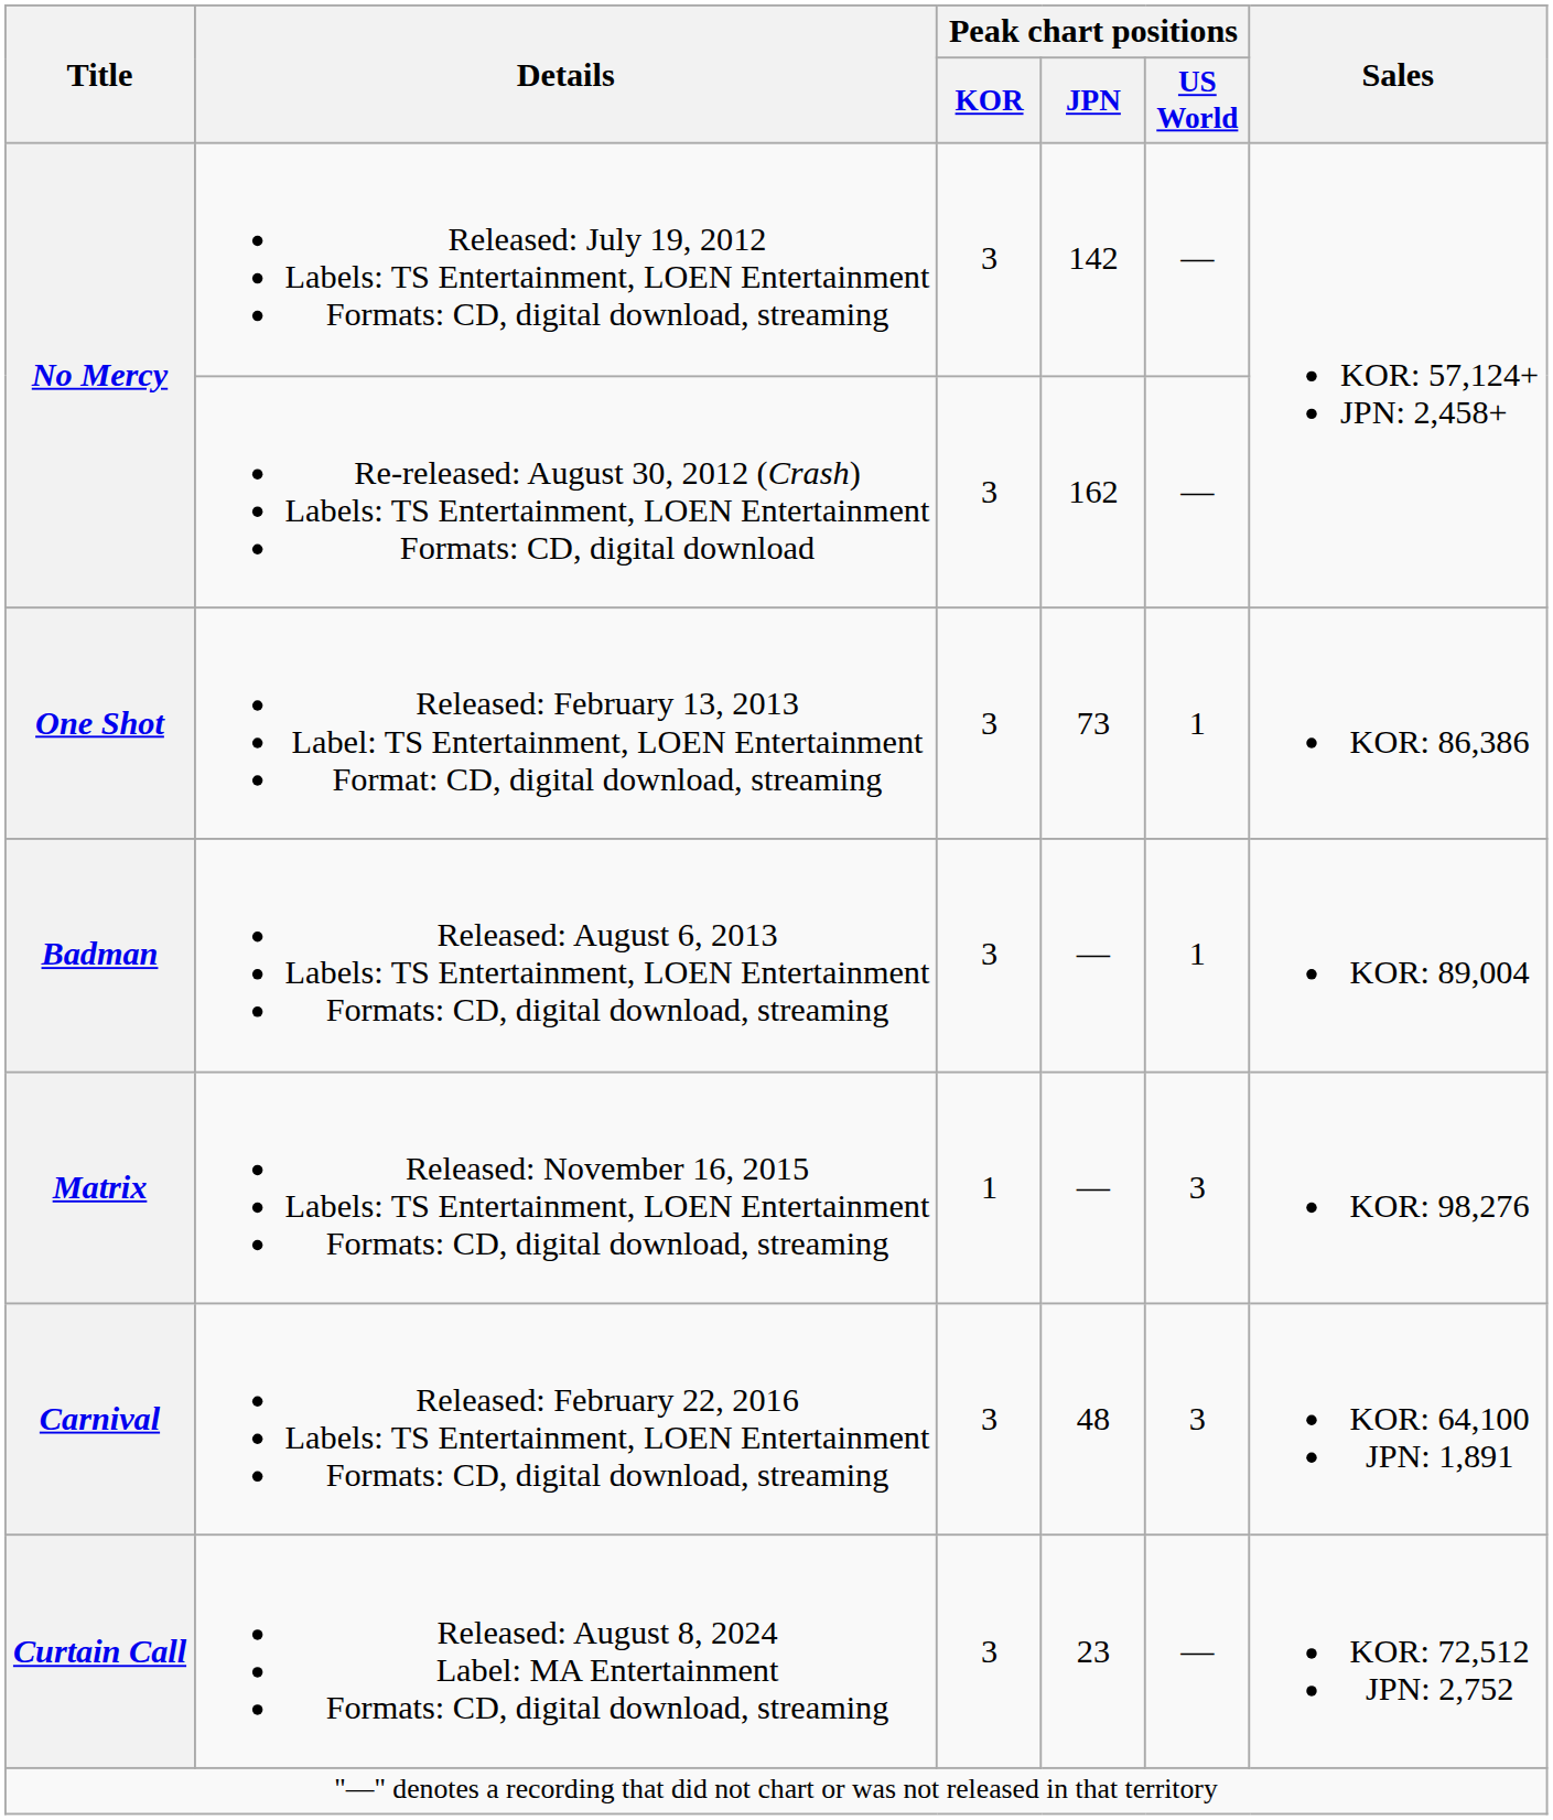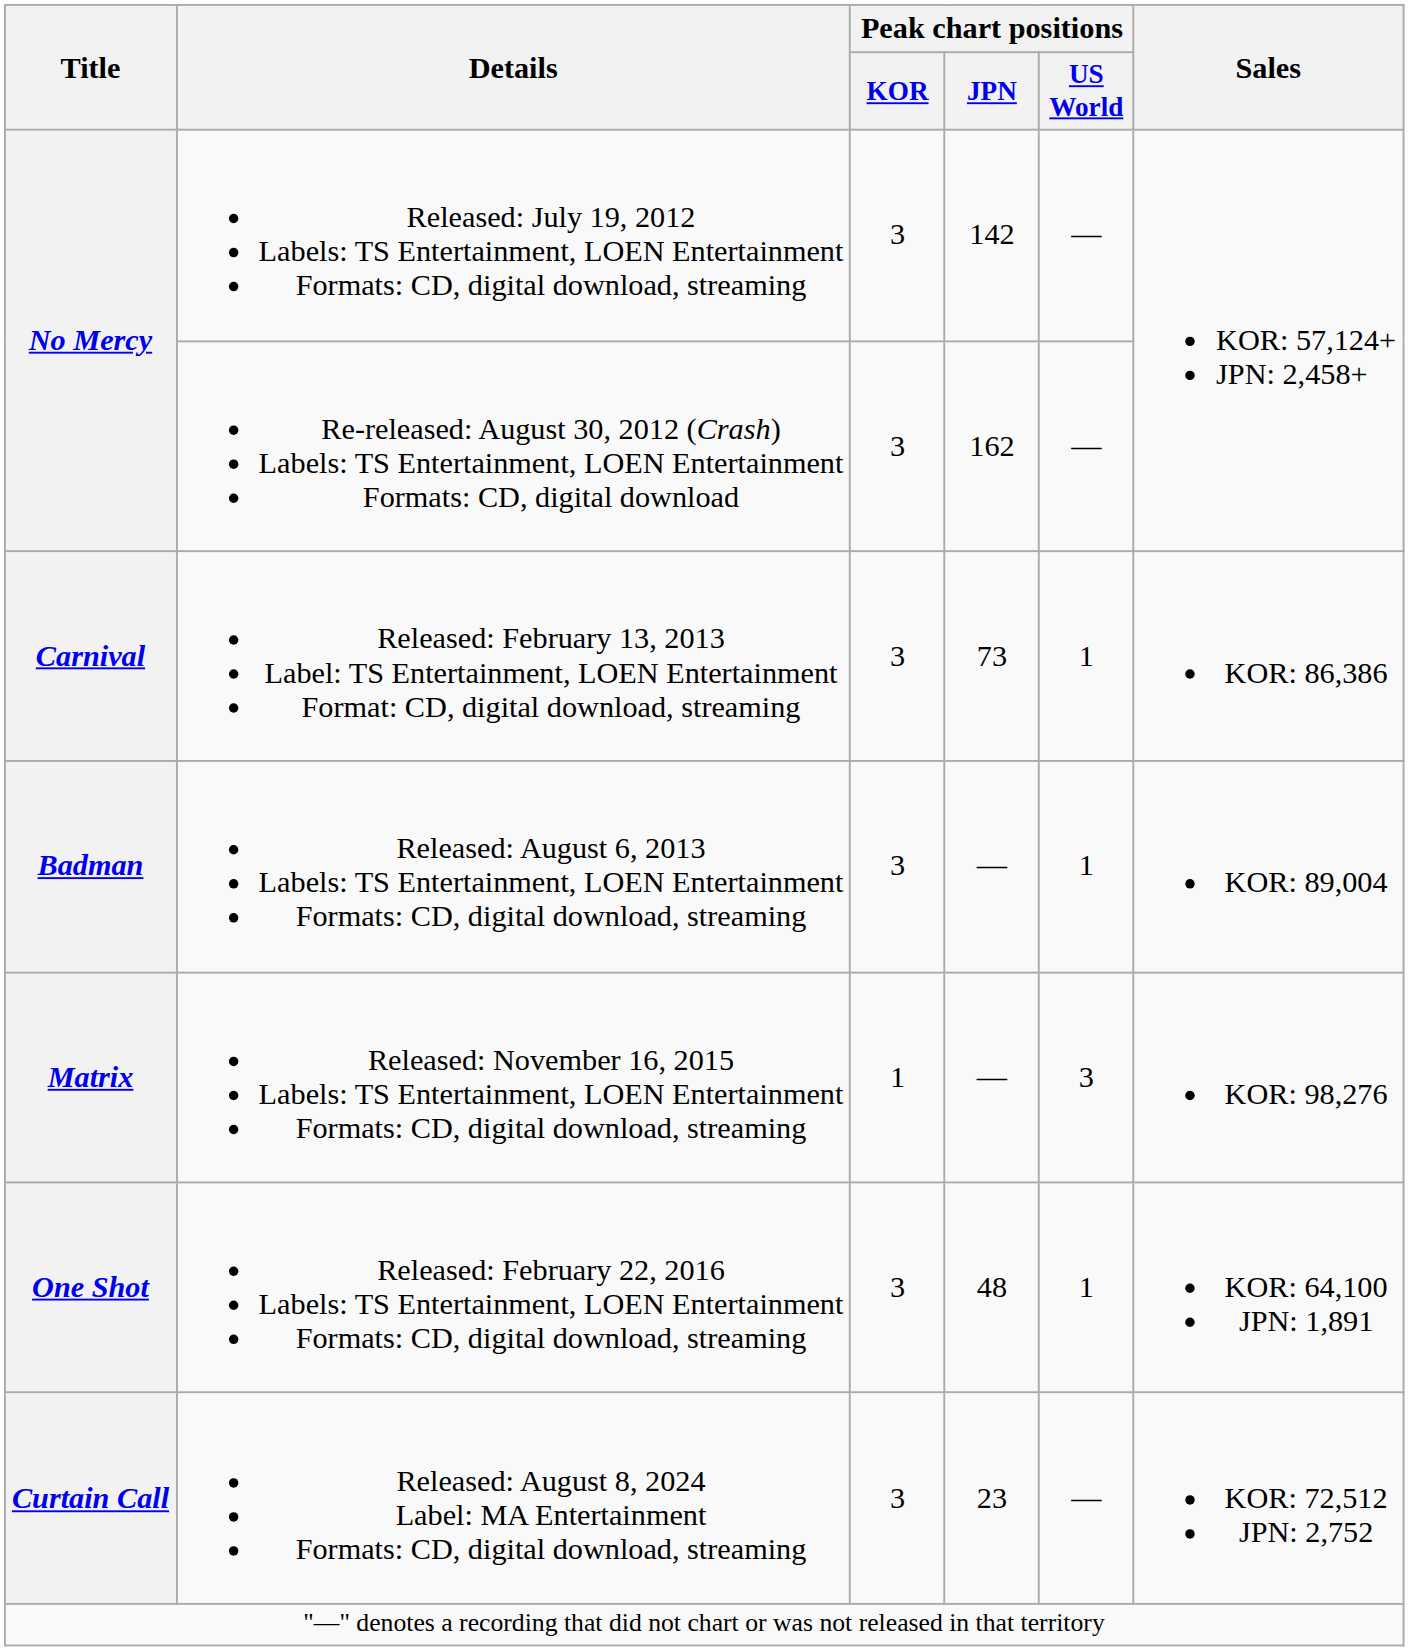 <table class="wikitable plainrowheaders" style="text-align:center">
 <tr>
 <th scope="col" rowspan="2">Title</th>
 <th scope="col" rowspan="2">Details</th>
 <th scope="col" colspan="3">Peak chart positions</th>
 <th scope="col" rowspan="2">Sales</th>
 </tr>
 <tr>
 <th scope="col" style="width:3em;font-size:90%"><a href='#'>KOR</a><br></th>
 <th scope="col" style="width:3em;font-size:90%"><a href='#'>JPN</a><br></th>
 <th scope="col" style="width:3em;font-size:90%"><a href='#'>US World</a><br></th>
 </tr>
 <tr>
 <th scope="row" rowspan="2"><em><a href='#'>No Mercy</a></em></th>
 <td><br><ul><li>Released: July 19, 2012</li><li>Labels: TS Entertainment, LOEN Entertainment</li><li>Formats: CD, digital download, streaming</li></ul></td>
 <td>3</td>
 <td>142</td>
 <td>—</td>
 <td rowspan="2" style="text-align:left"><br><ul><li>KOR: 57,124+ </li><li>JPN: 2,458+ </li></ul></td>
 </tr>
 <tr>
 <td><br><ul><li>Re-released: August 30, 2012 (<em>Crash</em>)</li><li>Labels: TS Entertainment, LOEN Entertainment</li><li>Formats: CD, digital download</li></ul></td>
 <td>3</td>
 <td>162</td>
 <td>—</td>
 </tr>
 <tr>
-<th scope="row"><em><a href='#'>One Shot</a></em></th>
+<th scope="row"><em><a href='#'>Carnival</a></em></th>
 <td><br><ul><li>Released: February 13, 2013</li><li>Label: TS Entertainment, LOEN Entertainment</li><li>Format: CD, digital download, streaming</li></ul></td>
 <td>3</td>
 <td>73</td>
 <td>1</td>
 <td><br><ul><li>KOR: 86,386</li></ul></td>
 </tr>
 <tr>
 <th scope="row"><em><a href='#'>Badman</a></em></th>
 <td><br><ul><li>Released: August 6, 2013</li><li>Labels: TS Entertainment, LOEN Entertainment</li><li>Formats: CD, digital download, streaming</li></ul></td>
 <td>3</td>
 <td>—</td>
 <td>1</td>
 <td><br><ul><li>KOR: 89,004</li></ul></td>
 </tr>
 <tr>
 <th scope="row"><em><a href='#'>Matrix</a></em></th>
 <td><br><ul><li>Released: November 16, 2015</li><li>Labels: TS Entertainment, LOEN Entertainment</li><li>Formats: CD, digital download, streaming</li></ul></td>
 <td>1</td>
 <td>—</td>
 <td>3</td>
 <td><br><ul><li>KOR: 98,276</li></ul></td>
 </tr>
 <tr>
-<th scope="row"><em><a href='#'>Carnival</a></em></th>
+<th scope="row"><em><a href='#'>One Shot</a></em></th>
 <td><br><ul><li>Released: February 22, 2016</li><li>Labels: TS Entertainment, LOEN Entertainment</li><li>Formats: CD, digital download, streaming</li></ul></td>
 <td>3</td>
 <td>48</td>
-<td>3</td>
+<td>1</td>
 <td><br><ul><li>KOR: 64,100</li><li>JPN: 1,891</li></ul></td>
 </tr>
 <tr>
 <th scope="row"><em><a href='#'>Curtain Call</a></em><br></th>
 <td><br><ul><li>Released: August 8, 2024</li><li>Label: MA Entertainment</li><li>Formats: CD, digital download, streaming</li></ul></td>
 <td>3</td>
 <td>23</td>
 <td>—</td>
 <td><br><ul><li>KOR: 72,512</li><li>JPN: 2,752</li></ul></td>
 </tr>
 <tr>
 <td colspan="6" style="font-size:85%">"—" denotes a recording that did not chart or was not released in that territory</td>
 </tr>
 </table>
